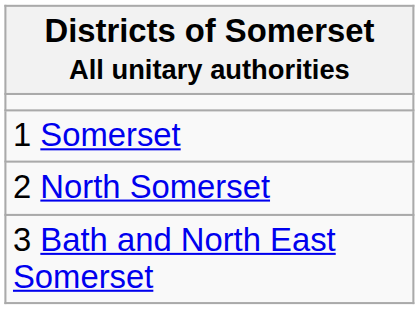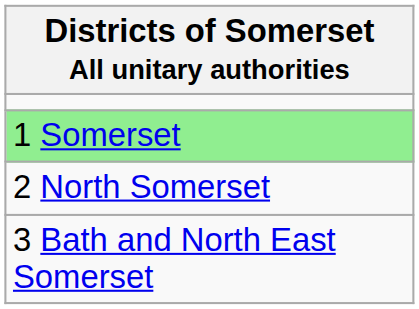 <table class="wikitable" border="1" align="right" width=200px>
 <tr>
 <th>Districts of Somerset<br><small>All unitary authorities</small></th>
 </tr>
 <tr>
 <td></td>
 </tr>
 <tr>
-<td>1 <a href='#'>Somerset</a></td>
+<td style="background: lightgreen;">1 <a href='#'>Somerset</a></td>
 </tr>
 <tr>
 <td>2 <a href='#'>North Somerset</a></td>
 </tr>
 <tr>
 <td>3 <a href='#'>Bath and North East Somerset</a></td>
 </tr>
 </table>
